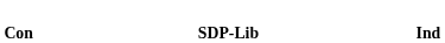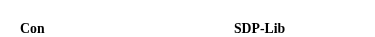 <table style="width:60%; text-align:center;">
 <tr style="color:white;">
 <td style="background:"><strong>33</strong></td>
 <td style="background:"><strong>6</strong></td>
-<td style="background:"><strong>4</strong></td>
 </tr>
 <tr>
 <td><span><strong>Con</strong></span></td>
 <td><span><strong>SDP-Lib</strong></span></td>
-<td><span><strong>Ind</strong></span></td>
 </tr>
 </table>
